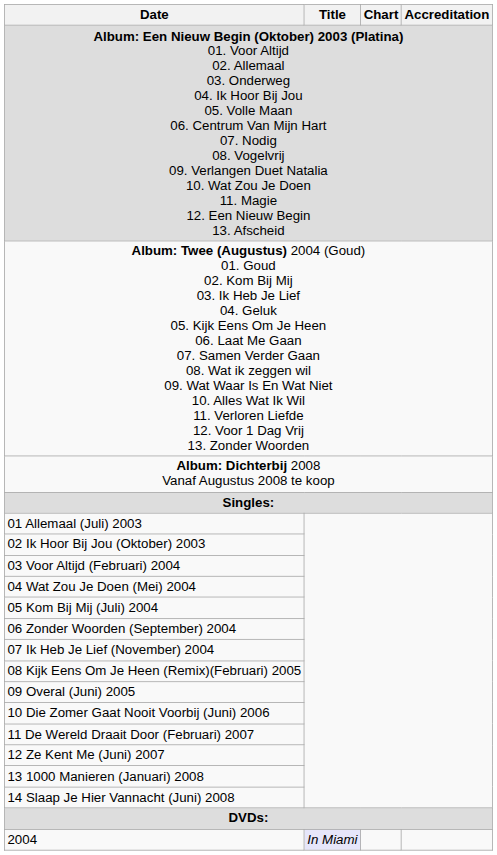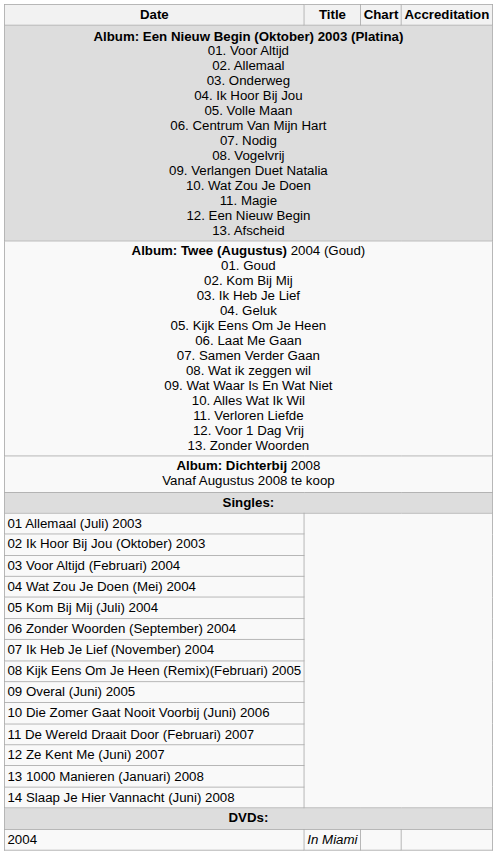 <table class="wikitable">
 <tr>
 <th>Date</th>
 <th>Title</th>
 <th>Chart</th>
 <th>Accreditation</th>
 </tr>
 <tr bgcolor="#DDDDDD">
 <td colspan=5 align=center><strong>Album: Een Nieuw Begin (Oktober) 2003 (Platina)</strong><br>01. Voor Altijd<br>02. Allemaal<br>03. Onderweg<br>04. Ik Hoor Bij Jou<br>05. Volle Maan<br>06. Centrum Van Mijn Hart<br>07. Nodig<br>08. Vogelvrij<br>09. Verlangen Duet Natalia<br>10. Wat Zou Je Doen<br>11. Magie<br>12. Een Nieuw Begin<br>13. Afscheid</td>
 </tr>
 <tr>
 <td colspan=5 align=center><strong>Album: Twee (Augustus)</strong> 2004 (Goud)<br>01. Goud<br>02. Kom Bij Mij<br>03. Ik Heb Je Lief<br>04. Geluk<br>05. Kijk Eens Om Je Heen<br>06. Laat Me Gaan<br>07. Samen Verder Gaan<br>08. Wat ik zeggen wil<br>09. Wat Waar Is En Wat Niet<br>10. Alles Wat Ik Wil<br>11. Verloren Liefde<br>12. Voor 1 Dag Vrij<br>13. Zonder Woorden</td>
 </tr>
 <tr>
 <td colspan=5 align=center><strong>Album: Dichterbij</strong> 2008<br>Vanaf Augustus 2008 te koop</td>
 </tr>
 <tr bgcolor="#DDDDDD">
 <td colspan=5 align=center><strong>Singles:</strong></td>
 </tr>
 <tr>
 <td>01 Allemaal (Juli) 2003</td>
 </tr>
 <tr>
 <td>02 Ik Hoor Bij Jou (Oktober) 2003</td>
 </tr>
 <tr>
 <td>03 Voor Altijd (Februari) 2004</td>
 </tr>
 <tr>
 <td>04 Wat Zou Je Doen (Mei) 2004</td>
 </tr>
 <tr>
 <td>05 Kom Bij Mij (Juli) 2004</td>
 </tr>
 <tr>
 <td>06 Zonder Woorden (September) 2004</td>
 </tr>
 <tr>
 <td>07 Ik Heb Je Lief (November) 2004</td>
 </tr>
 <tr>
 <td>08 Kijk Eens Om Je Heen (Remix)(Februari) 2005</td>
 </tr>
 <tr>
 <td>09 Overal (Juni) 2005</td>
 </tr>
 <tr>
 <td>10 Die Zomer Gaat Nooit Voorbij (Juni) 2006</td>
 </tr>
 <tr>
 <td>11 De Wereld Draait Door (Februari) 2007</td>
 </tr>
 <tr>
 <td>12 Ze Kent Me (Juni) 2007</td>
 </tr>
 <tr>
 <td>13 1000 Manieren (Januari) 2008</td>
 </tr>
 <tr>
 <td>14 Slaap Je Hier Vannacht (Juni) 2008</td>
 </tr>
 <tr bgcolor="#DDDDDD">
 <td colspan=5 align=center><strong>DVDs:</strong></td>
 </tr>
 <tr>
 <td>2004</td>
-<td style="background: lavender;"><em>In Miami</em></td>
+<td><em>In Miami</em></td>
 <td></td>
 <td></td>
 </tr>
 </table>
